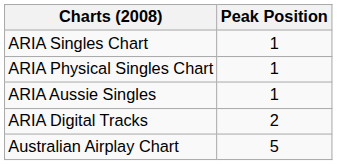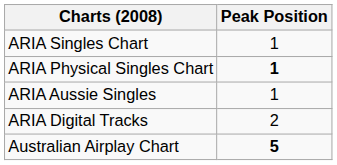 <table class="wikitable">
 <tr>
 <th>Charts (2008)</th>
 <th>Peak Position</th>
 </tr>
 <tr>
 <td>ARIA Singles Chart</td>
 <td style="text-align:center;">1</td>
 </tr>
 <tr>
 <td>ARIA Physical Singles Chart</td>
-<td style="text-align:center;">1</td>
+<td style="text-align:center;"><strong>1</strong></td>
 </tr>
 <tr>
 <td>ARIA Aussie Singles</td>
 <td style="text-align:center;">1</td>
 </tr>
 <tr>
 <td>ARIA Digital Tracks</td>
 <td style="text-align:center;">2</td>
 </tr>
 <tr>
 <td>Australian Airplay Chart</td>
-<td style="text-align:center;">5</td>
+<td style="text-align:center;"><strong>5</strong></td>
 </tr>
 </table>
